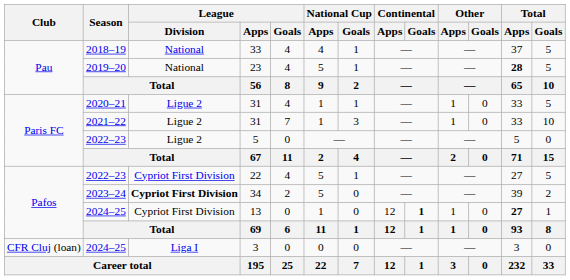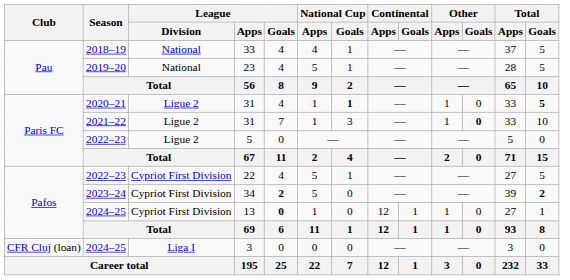 <table class=wikitable style=text-align:center>
 <tr>
 <th rowspan=2>Club</th>
 <th rowspan=2>Season</th>
 <th colspan=3>League</th>
 <th colspan=2>National Cup</th>
 <th colspan=2>Continental</th>
 <th colspan=2>Other</th>
 <th colspan=2>Total</th>
 </tr>
 <tr>
 <th>Division</th>
 <th>Apps</th>
 <th>Goals</th>
 <th>Apps</th>
 <th>Goals</th>
 <th>Apps</th>
 <th>Goals</th>
 <th>Apps</th>
 <th>Goals</th>
 <th>Apps</th>
 <th>Goals</th>
 </tr>
 <tr>
 <td rowspan="3"><a href='#'>Pau</a></td>
 <td><a href='#'>2018–19</a></td>
 <td><a href='#'>National</a></td>
 <td>33</td>
 <td>4</td>
 <td>4</td>
 <td>1</td>
 <td colspan="2">—</td>
 <td colspan="2">—</td>
 <td>37</td>
 <td>5</td>
 </tr>
 <tr>
 <td><a href='#'>2019–20</a></td>
 <td>National</td>
 <td>23</td>
 <td>4</td>
 <td>5</td>
 <td>1</td>
 <td colspan="2">—</td>
 <td colspan="2">—</td>
-<td><strong>28</strong></td>
+<td>28</td>
 <td>5</td>
 </tr>
 <tr>
 <th colspan="2">Total</th>
 <th>56</th>
 <th>8</th>
 <th>9</th>
 <th>2</th>
 <th colspan="2">—</th>
 <th colspan="2">—</th>
 <th>65</th>
 <th>10</th>
 </tr>
 <tr>
 <td rowspan="4"><a href='#'>Paris FC</a></td>
 <td><a href='#'>2020–21</a></td>
 <td><a href='#'>Ligue 2</a></td>
 <td>31</td>
 <td>4</td>
 <td>1</td>
-<td>1</td>
+<td><strong>1</strong></td>
 <td colspan="2">—</td>
 <td>1</td>
 <td>0</td>
 <td>33</td>
-<td>5</td>
+<td><strong>5</strong></td>
 </tr>
 <tr>
 <td><a href='#'>2021–22</a></td>
 <td>Ligue 2</td>
 <td>31</td>
 <td>7</td>
 <td>1</td>
 <td>3</td>
 <td colspan="2">—</td>
 <td>1</td>
-<td>0</td>
+<td><strong>0</strong></td>
 <td>33</td>
 <td>10</td>
 </tr>
 <tr>
 <td><a href='#'>2022–23</a></td>
 <td>Ligue 2</td>
 <td>5</td>
 <td>0</td>
 <td colspan="2">—</td>
 <td colspan="2">—</td>
 <td colspan="2">—</td>
 <td>5</td>
 <td>0</td>
 </tr>
 <tr>
 <th colspan="2">Total</th>
 <th>67</th>
 <th>11</th>
 <th>2</th>
 <th>4</th>
 <th colspan="2">—</th>
 <th>2</th>
 <th>0</th>
 <th>71</th>
 <th>15</th>
 </tr>
 <tr>
 <td rowspan="4"><a href='#'>Pafos</a></td>
 <td><a href='#'>2022–23</a></td>
 <td><a href='#'>Cypriot First Division</a></td>
 <td>22</td>
 <td>4</td>
 <td>5</td>
 <td>1</td>
 <td colspan="2">—</td>
 <td colspan="2">—</td>
 <td>27</td>
 <td>5</td>
 </tr>
 <tr>
 <td><a href='#'>2023–24</a></td>
-<td><strong>Cypriot First Division</strong></td>
+<td>Cypriot First Division</td>
 <td>34</td>
-<td>2</td>
+<td><strong>2</strong></td>
 <td>5</td>
 <td>0</td>
 <td colspan="2">—</td>
 <td colspan="2">—</td>
 <td>39</td>
-<td>2</td>
+<td><strong>2</strong></td>
 </tr>
 <tr>
 <td><a href='#'>2024–25</a></td>
 <td>Cypriot First Division</td>
 <td>13</td>
-<td>0</td>
+<td><strong>0</strong></td>
 <td>1</td>
 <td>0</td>
 <td>12</td>
-<td><strong>1</strong></td>
+<td>1</td>
 <td>1</td>
 <td>0</td>
-<td><strong>27</strong></td>
+<td>27</td>
 <td>1</td>
 </tr>
 <tr>
 <th colspan="2">Total</th>
 <th>69</th>
 <th>6</th>
 <th>11</th>
 <th>1</th>
 <th>12</th>
 <th>1</th>
 <th>1</th>
 <th>0</th>
 <th>93</th>
 <th>8</th>
 </tr>
 <tr>
 <td rowspan="1"><a href='#'>CFR Cluj</a> (loan)</td>
 <td><a href='#'>2024–25</a></td>
 <td><a href='#'>Liga I</a></td>
 <td>3</td>
 <td>0</td>
 <td>0</td>
 <td>0</td>
 <td colspan="2">—</td>
 <td colspan="2">—</td>
 <td>3</td>
 <td>0</td>
 </tr>
 <tr>
 <th colspan="3">Career total</th>
 <th>195</th>
 <th>25</th>
 <th>22</th>
 <th>7</th>
 <th>12</th>
 <th>1</th>
 <th>3</th>
 <th>0</th>
 <th>232</th>
 <th>33</th>
 </tr>
 </table>
